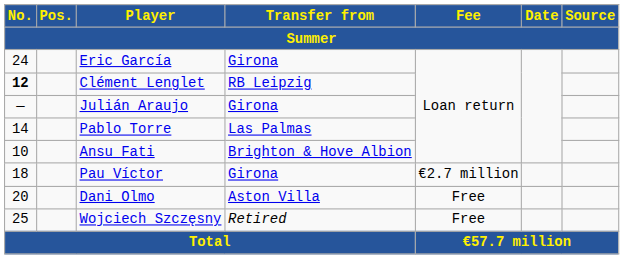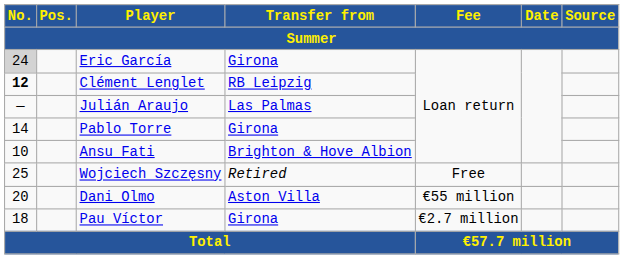 <table class="wikitable" style="text-align:center">
 <tr>
 <th style="background:#26559B;color:#FFF000;">No.</th>
 <th style="background:#26559B;color:#FFF000;">Pos.</th>
 <th style="background:#26559B;color:#FFF000;">Player</th>
 <th style="background:#26559B;color:#FFF000;">Transfer from</th>
 <th style="background:#26559B;color:#FFF000;">Fee</th>
 <th style="background:#26559B;color:#FFF000;">Date</th>
 <th style="background:#26559B;color:#FFF000;">Source</th>
 </tr>
 <tr>
 <th colspan=7 style="background:#26559B;color:#FFF000;">Summer</th>
 </tr>
 <tr>
-<td>24</td>
+<td style="background: lightgrey;">24</td>
 <td></td>
 <td style="text-align:left"> <a href='#'>Eric García</a></td>
 <td style="text-align:left"><a href='#'>Girona</a></td>
 <td rowspan=5>Loan return</td>
 <td rowspan=5></td>
 <td></td>
 </tr>
 <tr>
 <td><strong>12</strong></td>
 <td></td>
 <td style="text-align:left"> <a href='#'>Clément Lenglet</a></td>
 <td style="text-align:left"> <a href='#'>RB Leipzig</a></td>
 <td></td>
 </tr>
 <tr>
 <td>—</td>
 <td></td>
 <td style="text-align:left"> <a href='#'>Julián Araujo</a></td>
-<td style="text-align:left"><a href='#'>Girona</a></td>
+<td style="text-align:left"><a href='#'>Las Palmas</a></td>
 <td></td>
 </tr>
 <tr>
 <td>14</td>
 <td></td>
 <td style="text-align:left"> <a href='#'>Pablo Torre</a></td>
-<td style="text-align:left"><a href='#'>Las Palmas</a></td>
+<td style="text-align:left"><a href='#'>Girona</a></td>
 <td></td>
 </tr>
 <tr>
 <td>10</td>
 <td></td>
 <td style="text-align:left"> <a href='#'>Ansu Fati</a></td>
 <td style="text-align:left"> <a href='#'>Brighton & Hove Albion</a></td>
+<td></td>
+</tr>
+<tr>
+<td>25</td>
+<td></td>
+<td style="text-align:left"> <a href='#'>Wojciech Szczęsny</a></td>
+<td style="text-align:left"><em>Retired</em></td>
+<td>Free</td>
+<td></td>
+<td></td>
+</tr>
+<tr>
+<td>20</td>
+<td></td>
+<td style="text-align:left"> <a href='#'>Dani Olmo</a></td>
+<td style="text-align:left"> <a href='#'>Aston Villa</a></td>
+<td>€55 million</td>
+<td></td>
 <td></td>
 </tr>
 <tr>
 <td>18</td>
 <td></td>
 <td style="text-align:left"> <a href='#'>Pau Víctor</a></td>
 <td style="text-align:left"><a href='#'>Girona</a></td>
 <td>€2.7 million</td>
 <td></td>
 <td></td>
 </tr>
 <tr>
-<td>20</td>
-<td></td>
-<td style="text-align:left"> <a href='#'>Dani Olmo</a></td>
-<td style="text-align:left"> <a href='#'>Aston Villa</a></td>
-<td>Free</td>
-<td></td>
-<td></td>
-</tr>
-<tr>
-<td>25</td>
-<td></td>
-<td style="text-align:left"> <a href='#'>Wojciech Szczęsny</a></td>
-<td style="text-align:left"><em>Retired</em></td>
-<td>Free</td>
-<td></td>
-<td></td>
-</tr>
-<tr>
 <th colspan="4" style="background:#26559B;color:#FFF000;">Total</th>
 <th colspan="3" style="background:#26559B;color:#FFF000;">€57.7 million</th>
 </tr>
 </table>
